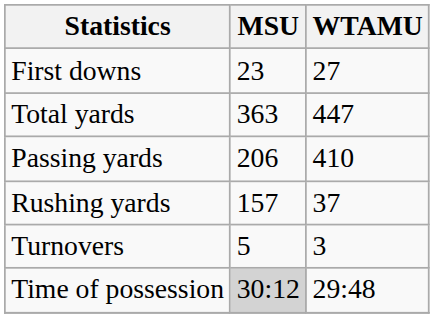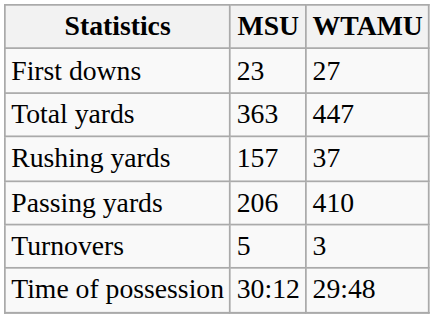 <table class="wikitable">
 <tr>
 <th>Statistics</th>
 <th>MSU</th>
 <th>WTAMU</th>
 </tr>
 <tr>
 <td>First downs</td>
 <td>23</td>
 <td>27</td>
 </tr>
 <tr>
 <td>Total yards</td>
 <td>363</td>
 <td>447</td>
 </tr>
 <tr>
+<td>Rushing yards</td>
+<td>157</td>
+<td>37</td>
+</tr>
+<tr>
 <td>Passing yards</td>
 <td>206</td>
 <td>410</td>
-</tr>
-<tr>
-<td>Rushing yards</td>
-<td>157</td>
-<td>37</td>
 </tr>
 <tr>
 <td>Turnovers</td>
 <td>5</td>
 <td>3</td>
 </tr>
 <tr>
 <td>Time of possession</td>
-<td style="background: lightgrey;">30:12</td>
+<td>30:12</td>
 <td>29:48</td>
 </tr>
 <tr>
 </tr>
 </table>
